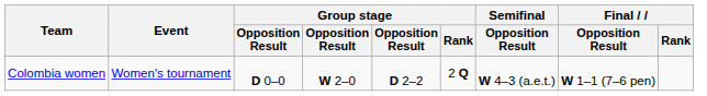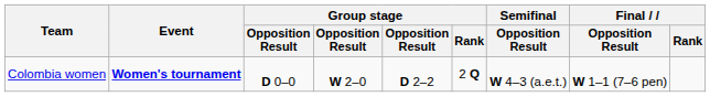 <table class=wikitable style=font-size:90%;text-align:center>
 <tr>
 <th rowspan=2>Team</th>
 <th rowspan=2>Event</th>
 <th colspan=4>Group stage</th>
 <th>Semifinal</th>
 <th colspan=2>Final /  / </th>
 </tr>
 <tr style=font-size:95%>
 <th>Opposition<br>Result</th>
 <th>Opposition<br>Result</th>
 <th>Opposition<br>Result</th>
 <th>Rank</th>
 <th>Opposition<br>Result</th>
 <th>Opposition<br>Result</th>
 <th>Rank</th>
 </tr>
 <tr>
 <td align=left><a href='#'>Colombia women</a></td>
-<td align=left><a href='#'>Women's tournament</a></td>
+<td align=left><strong><a href='#'>Women's tournament</a></strong></td>
 <td><br><strong>D</strong> 0–0</td>
 <td><br><strong>W</strong> 2–0</td>
 <td><br><strong>D</strong> 2–2</td>
 <td>2 <strong>Q</strong></td>
 <td><br><strong>W</strong> 4–3 (a.e.t.)</td>
 <td><br><strong>W</strong> 1–1 (7–6 pen)</td>
 <td></td>
 </tr>
 </table>
